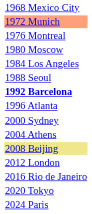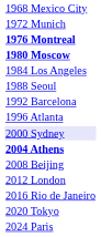 <table>
 <tr>
 <td><a href='#'>1968 Mexico City</a><br></td>
 <td></td>
 <td></td>
 <td></td>
 </tr>
 <tr>
-<td style="background: lightsalmon;"><a href='#'>1972 Munich</a><br></td>
+<td><a href='#'>1972 Munich</a><br></td>
 <td></td>
 <td></td>
 <td></td>
 </tr>
 <tr>
-<td><a href='#'>1976 Montreal</a><br></td>
+<td><strong><a href='#'>1976 Montreal</a><br></strong></td>
 <td></td>
 <td></td>
 <td></td>
 </tr>
 <tr>
-<td><a href='#'>1980 Moscow</a><br></td>
+<td><strong><a href='#'>1980 Moscow</a><br></strong></td>
 <td></td>
 <td></td>
 <td></td>
 </tr>
 <tr>
 <td><a href='#'>1984 Los Angeles</a><br></td>
 <td></td>
 <td></td>
 <td></td>
 </tr>
 <tr>
 <td><a href='#'>1988 Seoul</a><br></td>
 <td></td>
 <td></td>
 <td></td>
 </tr>
 <tr>
-<td><strong><a href='#'>1992 Barcelona</a><br></strong></td>
+<td><a href='#'>1992 Barcelona</a><br></td>
 <td></td>
 <td></td>
 <td></td>
 </tr>
 <tr>
 <td><a href='#'>1996 Atlanta</a><br></td>
 <td></td>
 <td></td>
 <td></td>
 </tr>
 <tr>
-<td><a href='#'>2000 Sydney</a><br></td>
+<td style="background: lavender;"><a href='#'>2000 Sydney</a><br></td>
 <td></td>
 <td></td>
 <td></td>
 </tr>
 <tr>
-<td><a href='#'>2004 Athens</a><br></td>
+<td><strong><a href='#'>2004 Athens</a><br></strong></td>
 <td></td>
 <td></td>
 <td></td>
 </tr>
 <tr>
-<td style="background: khaki;"><a href='#'>2008 Beijing</a><br></td>
+<td><a href='#'>2008 Beijing</a><br></td>
 <td></td>
 <td></td>
 <td></td>
 </tr>
 <tr>
 <td><a href='#'>2012 London</a><br></td>
 <td></td>
 <td></td>
 <td></td>
 </tr>
 <tr>
 <td><a href='#'>2016 Rio de Janeiro</a><br></td>
 <td></td>
 <td></td>
 <td></td>
 </tr>
 <tr>
 <td><a href='#'>2020 Tokyo</a><br></td>
 <td></td>
 <td></td>
 <td></td>
 </tr>
 <tr>
 <td><a href='#'>2024 Paris</a><br></td>
 <td></td>
 <td></td>
 <td></td>
 </tr>
 </table>
